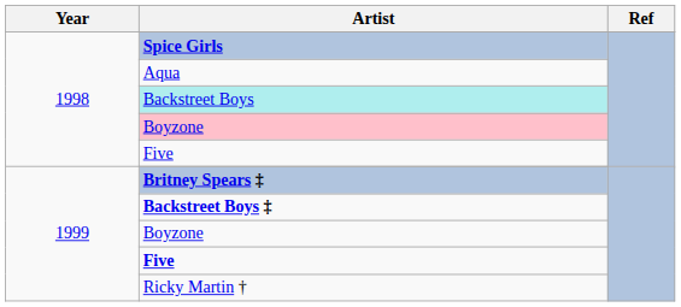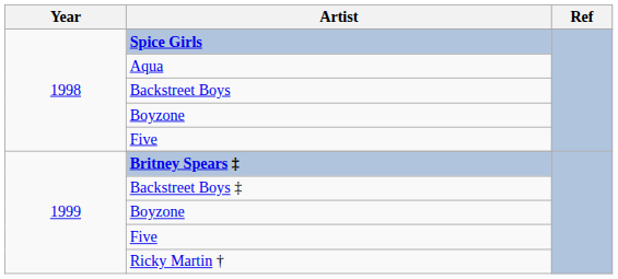 <table class="wikitable" style="width:50%;">
 <tr style="background:#bebebe;">
 <th style="width:10%;">Year</th>
 <th style="width:35%;">Artist</th>
 <th style="width:5%;">Ref</th>
 </tr>
 <tr>
 <td rowspan="6" align="center"><a href='#'>1998</a></td>
 </tr>
 <tr style="background:#B0C4DE">
 <td><strong><a href='#'>Spice Girls</a></strong></td>
 <td rowspan="6" align="center"></td>
 </tr>
 <tr>
 <td><a href='#'>Aqua</a></td>
 </tr>
 <tr>
-<td style="background: paleturquoise;"><a href='#'>Backstreet Boys</a></td>
+<td><a href='#'>Backstreet Boys</a></td>
 </tr>
 <tr>
-<td style="background: pink;"><a href='#'>Boyzone</a></td>
+<td><a href='#'>Boyzone</a></td>
 </tr>
 <tr>
 <td><a href='#'>Five</a></td>
 </tr>
 <tr>
 <td rowspan="6" align="center"><a href='#'>1999</a></td>
 </tr>
 <tr style="background:#B0C4DE">
 <td><strong><a href='#'>Britney Spears</a> ‡</strong></td>
 <td rowspan="6" align="center"></td>
 </tr>
 <tr>
-<td><strong><a href='#'>Backstreet Boys</a> ‡</strong></td>
+<td><a href='#'>Backstreet Boys</a> ‡</td>
 </tr>
 <tr>
 <td><a href='#'>Boyzone</a></td>
 </tr>
 <tr>
-<td><strong><a href='#'>Five</a></strong></td>
+<td><a href='#'>Five</a></td>
 </tr>
 <tr>
 <td><a href='#'>Ricky Martin</a> †</td>
 </tr>
 </table>
